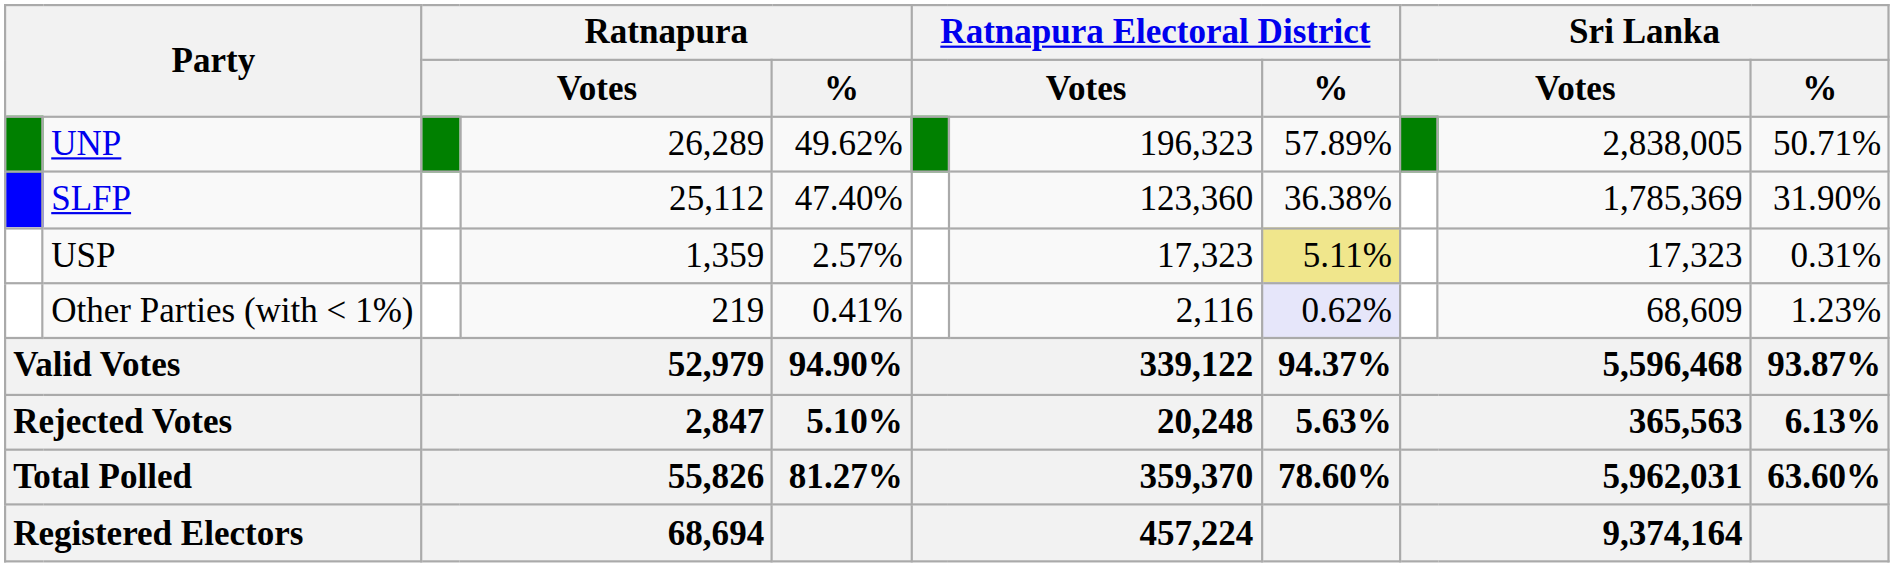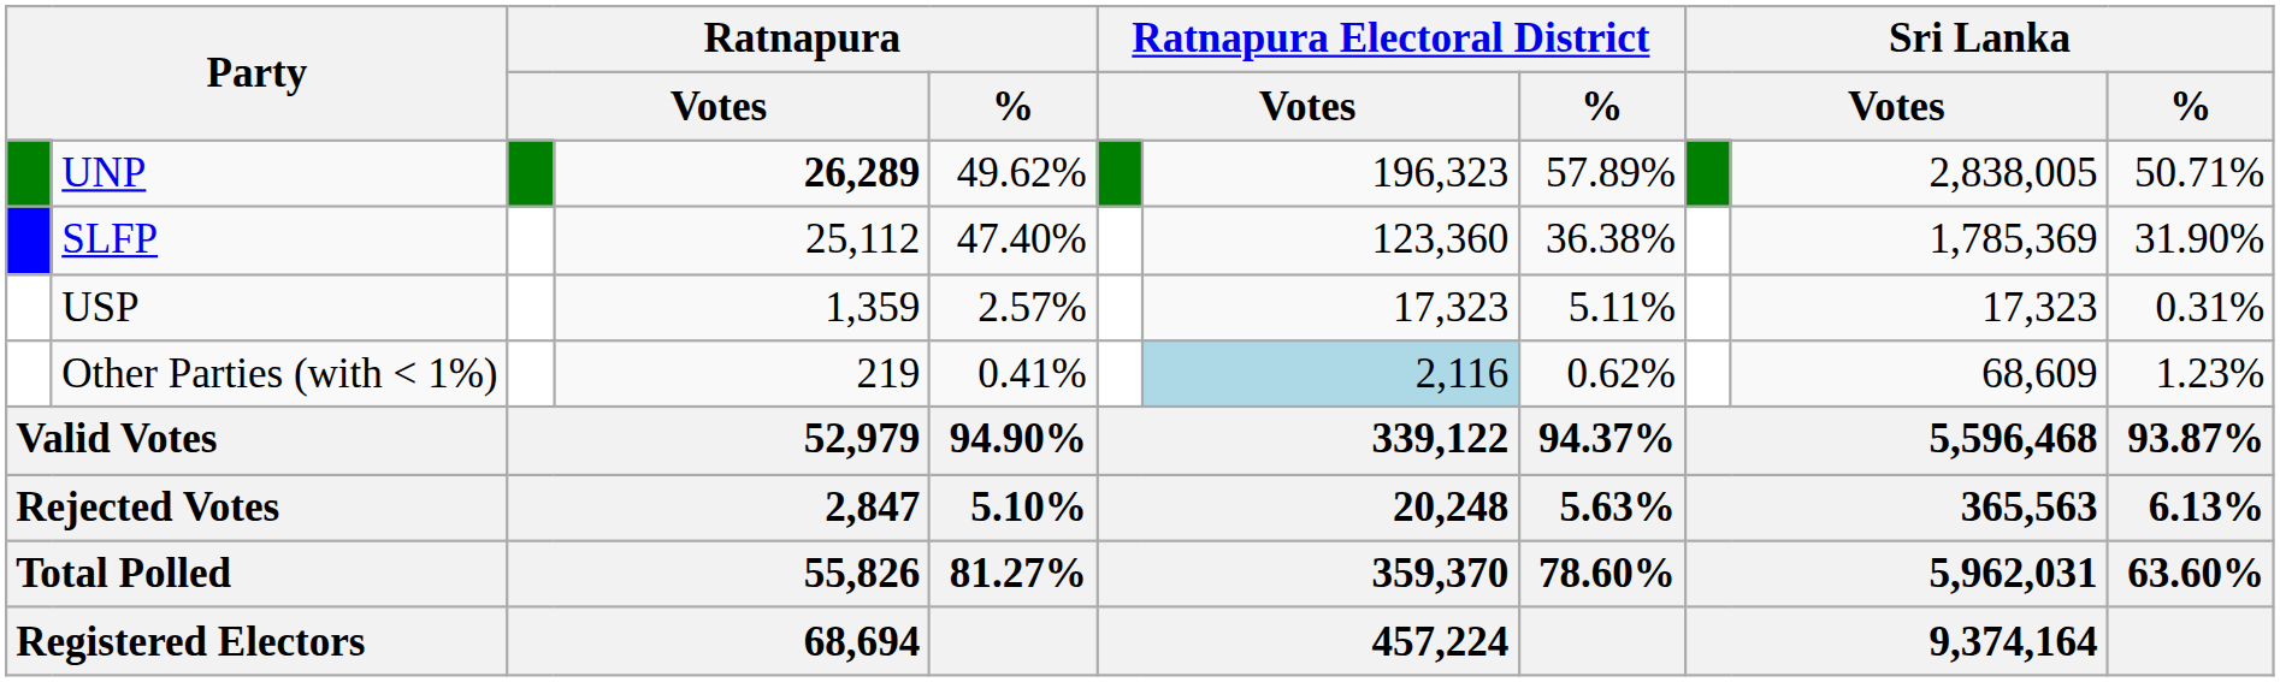 <table class="wikitable">
 <tr>
 <th colspan="2" width="144px"rowspan="2">Party</th>
 <th colspan="3" width="216px">Ratnapura</th>
 <th colspan="3" width="216px"><a href='#'>Ratnapura Electoral District</a></th>
 <th colspan="3" width="216px">Sri Lanka</th>
 </tr>
 <tr>
 <th colspan="2" width="144px">Votes</th>
 <th>%</th>
 <th colspan="2" width="144px">Votes</th>
 <th>%</th>
 <th colspan="2" width="144px">Votes</th>
 <th>%</th>
 </tr>
 <tr>
 <td style="background-color:green;" width="10px"></td>
 <td style="text-align:left;"><a href='#'>UNP</a></td>
 <td style="background-color:green;" width="10px"></td>
-<td style="text-align:right;">26,289</td>
+<td style="text-align:right;"><strong>26,289</strong></td>
 <td style="text-align:right;">49.62%</td>
 <td style="background-color:green;" width="10px"></td>
 <td style="text-align:right;">196,323</td>
 <td style="text-align:right;">57.89%</td>
 <td style="background-color:green;" width="10px"></td>
 <td style="text-align:right;">2,838,005</td>
 <td style="text-align:right;">50.71%</td>
 </tr>
 <tr>
 <td style="background-color:blue;" width="10px"></td>
 <td style="text-align:left;"><a href='#'>SLFP</a></td>
 <td style="background-color:white;" width="10px"></td>
 <td style="text-align:right;">25,112</td>
 <td style="text-align:right;">47.40%</td>
 <td style="background-color:white;" width="10px"></td>
 <td style="text-align:right;">123,360</td>
 <td style="text-align:right;">36.38%</td>
 <td style="background-color:white;" width="10px"></td>
 <td style="text-align:right;">1,785,369</td>
 <td style="text-align:right;">31.90%</td>
 </tr>
 <tr>
 <td style="background-color:white;" width="10px"></td>
 <td style="text-align:left;">USP</td>
 <td style="background-color:white;" width="10px"></td>
 <td style="text-align:right;">1,359</td>
 <td style="text-align:right;">2.57%</td>
 <td style="background-color:white;" width="10px"></td>
 <td style="text-align:right;">17,323</td>
-<td style="background: khaki; text-align:right;">5.11%</td>
+<td style="text-align:right;">5.11%</td>
 <td style="background-color:white;" width="10px"></td>
 <td style="text-align:right;">17,323</td>
 <td style="text-align:right;">0.31%</td>
 </tr>
 <tr>
 <td style="background-color:white;" width="10px"></td>
 <td style="text-align:left;">Other Parties (with < 1%)</td>
 <td style="background-color:white;" width="10px"></td>
 <td style="text-align:right;">219</td>
 <td style="text-align:right;">0.41%</td>
 <td style="background-color:white;" width="10px"></td>
-<td style="text-align:right;">2,116</td>
-<td style="background: lavender; text-align:right;">0.62%</td>
+<td style="background: lightblue; text-align:right;">2,116</td>
+<td style="text-align:right;">0.62%</td>
 <td style="background-color:white;" width="10px"></td>
 <td style="text-align:right;">68,609</td>
 <td style="text-align:right;">1.23%</td>
 </tr>
 <tr>
 <th colspan="2" width="144px"style="text-align:left;">Valid Votes</th>
 <th style="text-align:right;"colspan="2" width="144px">52,979</th>
 <th style="text-align:right;">94.90%</th>
 <th style="text-align:right;"colspan="2" width="144px">339,122</th>
 <th style="text-align:right;">94.37%</th>
 <th style="text-align:right;"colspan="2" width="144px">5,596,468</th>
 <th style="text-align:right;">93.87%</th>
 </tr>
 <tr>
 <th colspan="2" width="144px"style="text-align:left;">Rejected Votes</th>
 <th style="text-align:right;"colspan="2" width="144px">2,847</th>
 <th style="text-align:right;">5.10%</th>
 <th style="text-align:right;"colspan="2" width="144px">20,248</th>
 <th style="text-align:right;">5.63%</th>
 <th style="text-align:right;"colspan="2" width="144px">365,563</th>
 <th style="text-align:right;">6.13%</th>
 </tr>
 <tr>
 <th colspan="2" width="144px"style="text-align:left;">Total Polled</th>
 <th style="text-align:right;"colspan="2" width="144px">55,826</th>
 <th style="text-align:right;">81.27%</th>
 <th style="text-align:right;"colspan="2" width="144px">359,370</th>
 <th style="text-align:right;">78.60%</th>
 <th style="text-align:right;"colspan="2" width="144px">5,962,031</th>
 <th style="text-align:right;">63.60%</th>
 </tr>
 <tr>
 <th colspan="2" width="144px"style="text-align:left;">Registered Electors</th>
 <th style="text-align:right;"colspan="2" width="144px">68,694</th>
 <th></th>
 <th style="text-align:right;"colspan="2" width="144px">457,224</th>
 <th></th>
 <th style="text-align:right;"colspan="2" width="144px">9,374,164</th>
 <th></th>
 </tr>
 </table>
